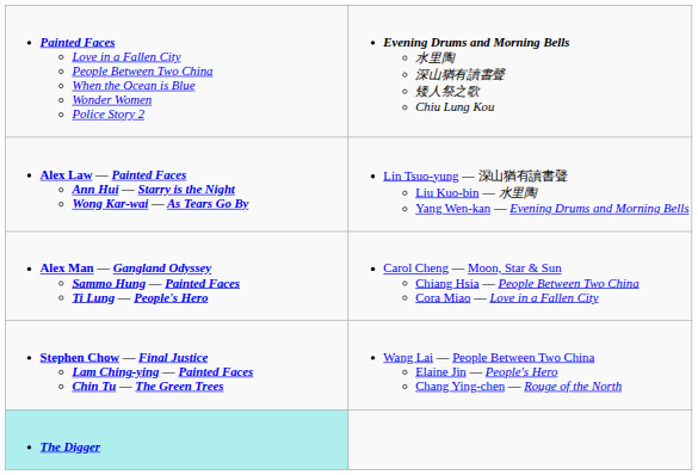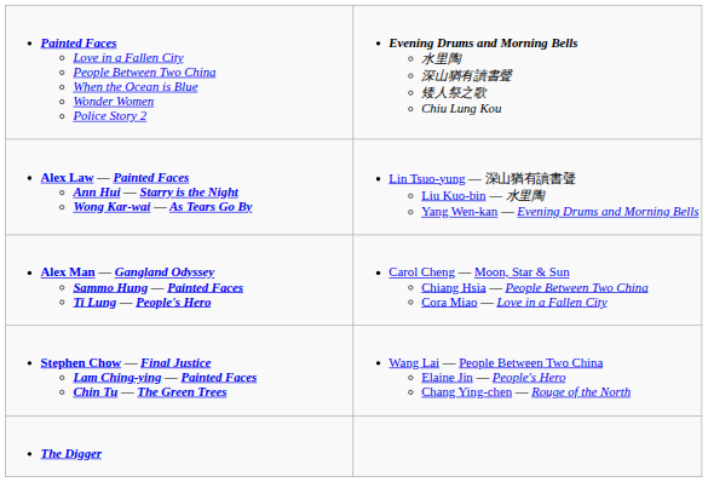 <table class=wikitable>
 <tr>
 <td valign="top" width="50%"><br><ul><li><strong><em><a href='#'>Painted Faces</a></em></strong><ul><li><em><a href='#'>Love in a Fallen City</a></em></li><li><em><a href='#'>People Between Two China</a></em></li><li><em><a href='#'>When the Ocean is Blue</a></em></li><li><em><a href='#'>Wonder Women</a></em></li><li><em><a href='#'>Police Story 2</a></em></li></ul></li></ul></td>
 <td valign="top" width="50%"><br><ul><li><strong><em>Evening Drums and Morning Bells</em></strong><ul><li><em>水里陶</em></li><li><em>深山猶有讀書聲</em></li><li><em>矮人祭之歌</em></li><li><em>Chiu Lung Kou</em></li></ul></li></ul></td>
 </tr>
 <tr>
 <td valign="top" width="50%"><br><ul><li><strong><a href='#'>Alex Law</a> — <em><a href='#'>Painted Faces</a><strong><em><ul><li><a href='#'>Ann Hui</a>  — </em><a href='#'>Starry is the Night</a><em></li><li><a href='#'>Wong Kar-wai</a> — </em><a href='#'>As Tears Go By</a><em></li></ul></li></ul></td>
 <td valign="top" width="50%"><br><ul><li></strong><a href='#'>Lin Tsuo-yung</a> — </em>深山猶有讀書聲</em></strong><ul><li><a href='#'>Liu Kuo-bin</a>  — <em>水里陶</em></li><li><a href='#'>Yang Wen-kan</a> — <em><a href='#'>Evening Drums and Morning Bells</a></em></li></ul></li></ul></td>
 </tr>
 <tr>
 <td valign="top" width="50%"><br><ul><li><strong><a href='#'>Alex Man</a> — <em><a href='#'>Gangland Odyssey</a><strong><em><ul><li><a href='#'>Sammo Hung</a> — </em><a href='#'>Painted Faces</a><em></li><li><a href='#'>Ti Lung</a> — </em><a href='#'>People's Hero</a><em></li></ul></li></ul></td>
 <td valign="top" width="50%"><br><ul><li></strong><a href='#'>Carol Cheng</a> — </em><a href='#'>Moon, Star & Sun</a></em></strong><ul><li><a href='#'>Chiang Hsia</a> — <em><a href='#'>People Between Two China</a></em></li><li><a href='#'>Cora Miao</a> — <em><a href='#'>Love in a Fallen City</a></em></li></ul></li></ul></td>
 </tr>
 <tr>
 <td valign="top" width="50%"><br><ul><li><strong><a href='#'>Stephen Chow</a> — <em><a href='#'>Final Justice</a><strong><em><ul><li><a href='#'>Lam Ching-ying</a> — </em><a href='#'>Painted Faces</a><em></li><li><a href='#'>Chin Tu</a> — </em><a href='#'>The Green Trees</a><em></li></ul></li></ul></td>
 <td valign="top" width="50%"><br><ul><li></strong><a href='#'>Wang Lai</a> — </em><a href='#'>People Between Two China</a></em></strong><ul><li><a href='#'>Elaine Jin</a> — <em><a href='#'>People's Hero</a></em></li><li><a href='#'>Chang Ying-chen</a> — <em><a href='#'>Rouge of the North</a></em></li></ul></li></ul></td>
 </tr>
 <tr>
-<td valign="top" width="50%" style="background: paleturquoise;"><br><ul><li><strong><em><a href='#'>The Digger</a></em></strong></li></ul></td>
+<td valign="top" width="50%"><br><ul><li><strong><em><a href='#'>The Digger</a></em></strong></li></ul></td>
 </tr>
 </table>
